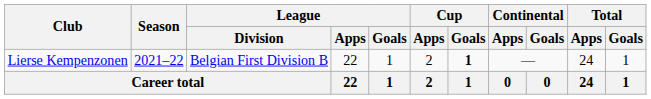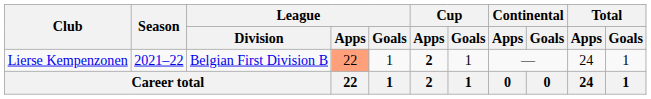 <table class="wikitable" Style="text-align: center">
 <tr>
 <th rowspan="2">Club</th>
 <th rowspan="2">Season</th>
 <th colspan="3">League</th>
 <th colspan="2">Cup</th>
 <th colspan="2">Continental</th>
 <th colspan="2">Total</th>
 </tr>
 <tr>
 <th>Division</th>
 <th>Apps</th>
 <th>Goals</th>
 <th>Apps</th>
 <th>Goals</th>
 <th>Apps</th>
 <th>Goals</th>
 <th>Apps</th>
 <th>Goals</th>
 </tr>
 <tr>
 <td rowspan="1"><a href='#'>Lierse Kempenzonen</a></td>
 <td><a href='#'>2021–22</a></td>
 <td rowspan="1"><a href='#'>Belgian First Division B</a></td>
-<td>22</td>
+<td style="background: lightsalmon;">22</td>
 <td>1</td>
-<td>2</td>
-<td><strong>1</strong></td>
+<td><strong>2</strong></td>
+<td>1</td>
 <td colspan="2">—</td>
 <td>24</td>
 <td>1</td>
 </tr>
 <tr>
 <th colspan="3">Career total</th>
 <th>22</th>
 <th>1</th>
 <th>2</th>
 <th>1</th>
 <th>0</th>
 <th>0</th>
 <th>24</th>
 <th>1</th>
 </tr>
 </table>
